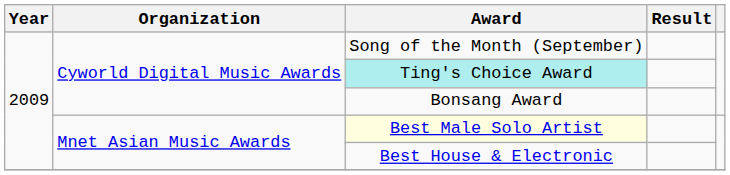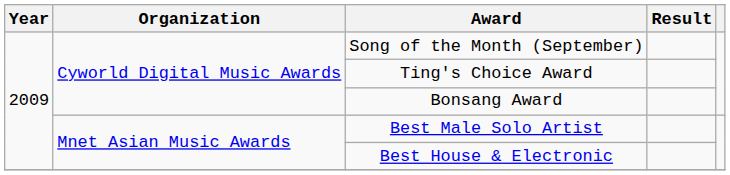 <table class="wikitable plainrowheaders">
 <tr>
 <th scope="col">Year</th>
 <th scope="col">Organization</th>
 <th scope="col">Award</th>
 <th scope="col">Result</th>
 <th class="unsortable"></th>
 </tr>
 <tr>
 <td align="center" rowspan="5">2009</td>
 <td rowspan="3"><a href='#'>Cyworld Digital Music Awards</a></td>
 <td align="center">Song of the Month (September)</td>
 <td></td>
 <td align="center" rowspan="3"></td>
 </tr>
 <tr>
-<td align="center" style="background: paleturquoise;">Ting's Choice Award</td>
+<td align="center">Ting's Choice Award</td>
 <td></td>
 </tr>
 <tr>
 <td align="center">Bonsang Award</td>
 <td></td>
 </tr>
 <tr>
 <td rowspan="2"><a href='#'>Mnet Asian Music Awards</a></td>
-<td align="center" style="background: lightyellow;"><a href='#'>Best Male Solo Artist</a></td>
+<td align="center"><a href='#'>Best Male Solo Artist</a></td>
 <td></td>
 <td align="center" rowspan="2"></td>
 </tr>
 <tr>
 <td align="center"><a href='#'>Best House & Electronic</a></td>
 <td></td>
 </tr>
 <tr>
 </tr>
 </table>
